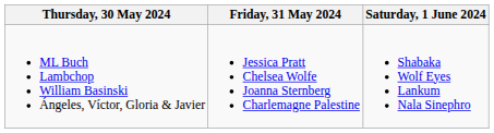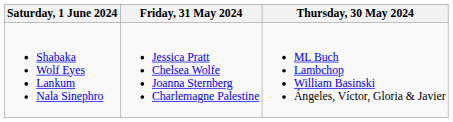 <table class="wikitable">
 <tr>
+<th>Saturday, 1 June 2024</th>
+<th>Friday, 31 May 2024</th>
 <th>Thursday, 30 May 2024</th>
-<th>Friday, 31 May 2024</th>
-<th>Saturday, 1 June 2024</th>
 </tr>
 <tr>
+<td><br><ul><li><a href='#'>Shabaka</a></li><li><a href='#'>Wolf Eyes</a></li><li><a href='#'>Lankum</a></li><li><a href='#'>Nala Sinephro</a></li></ul></td>
+<td><br><ul><li><a href='#'>Jessica Pratt</a></li><li><a href='#'>Chelsea Wolfe</a></li><li><a href='#'>Joanna Sternberg</a></li><li><a href='#'>Charlemagne Palestine</a></li></ul></td>
 <td><br><ul><li><a href='#'>ML Buch</a></li><li><a href='#'>Lambchop</a></li><li><a href='#'>William Basinski</a></li><li>Ángeles, Víctor, Gloria & Javier</li></ul></td>
-<td><br><ul><li><a href='#'>Jessica Pratt</a></li><li><a href='#'>Chelsea Wolfe</a></li><li><a href='#'>Joanna Sternberg</a></li><li><a href='#'>Charlemagne Palestine</a></li></ul></td>
-<td><br><ul><li><a href='#'>Shabaka</a></li><li><a href='#'>Wolf Eyes</a></li><li><a href='#'>Lankum</a></li><li><a href='#'>Nala Sinephro</a></li></ul></td>
 </tr>
 </table>
